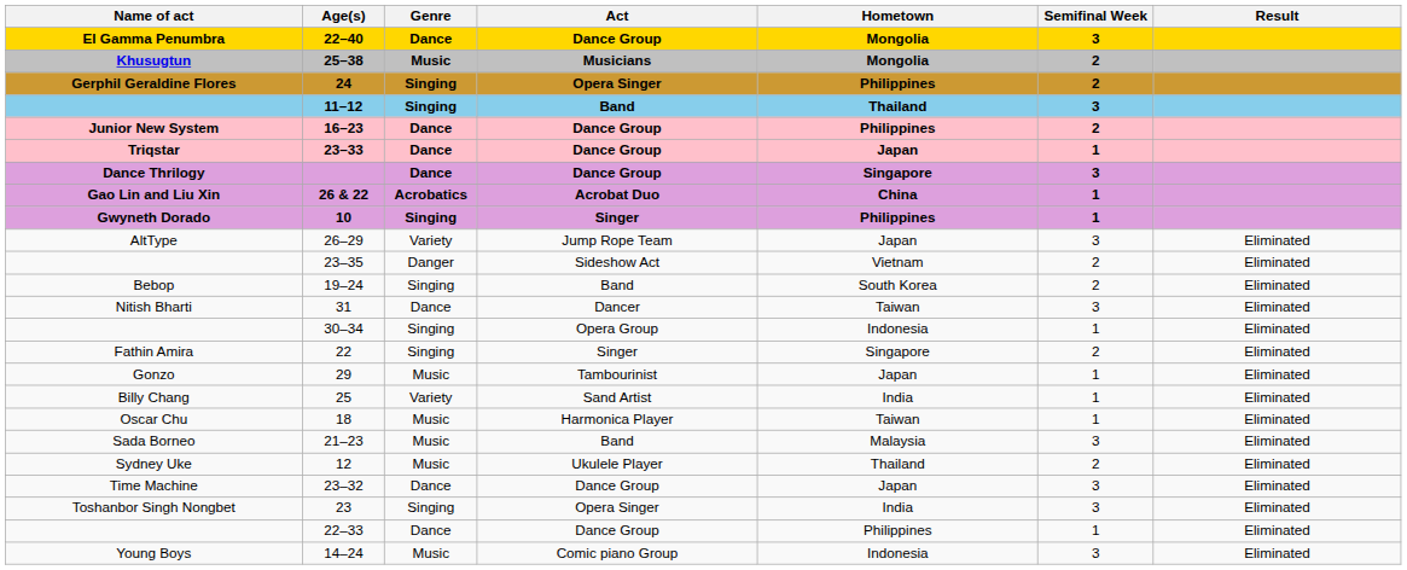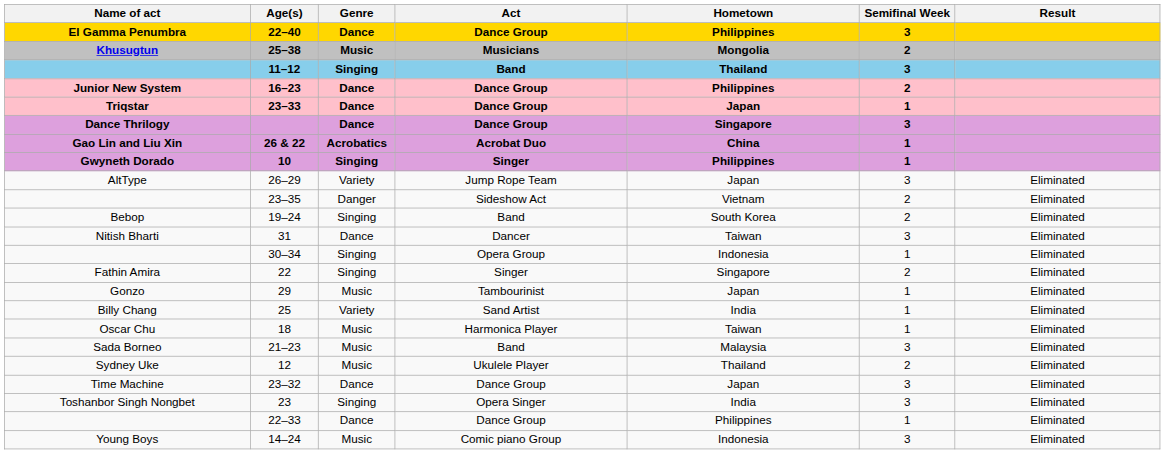 <table class="wikitable sortable" style="width:100%; text-align:center;">
 <tr>
 <th style="width:18%;">Name of act</th>
 <th data-sort-type="number" style="width:05%">Age(s)</th>
 <th style="width:05%">Genre</th>
 <th style="width:17%">Act</th>
 <th style="width:17%">Hometown</th>
 <th style="width:07%">Semifinal Week</th>
 <th style="width:15%">Result</th>
 </tr>
 <tr bgcolor=gold>
 <td><strong>El Gamma Penumbra</strong>  </td>
 <td><strong>22–40</strong></td>
 <td><strong>Dance</strong></td>
 <td><strong>Dance Group</strong></td>
-<td><strong>Mongolia</strong></td>
+<td><strong>Philippines</strong></td>
 <td><strong>3</strong></td>
 <td><strong></strong></td>
 </tr>
 <tr bgcolor=silver>
 <td><strong><a href='#'>Khusugtun</a></strong></td>
 <td><strong>25–38</strong></td>
 <td><strong>Music</strong></td>
 <td><strong>Musicians</strong></td>
 <td><strong>Mongolia</strong></td>
-<td><strong>2</strong></td>
-<td><strong></strong></td>
-</tr>
-<tr bgcolor=#cc9933>
-<td><strong>Gerphil Geraldine Flores</strong> </td>
-<td><strong>24</strong></td>
-<td><strong>Singing</strong></td>
-<td><strong>Opera Singer</strong></td>
-<td><strong>Philippines</strong></td>
 <td><strong>2</strong></td>
 <td><strong></strong></td>
 </tr>
 <tr bgcolor=skyblue>
 <td><strong></strong></td>
 <td><strong>11–12</strong></td>
 <td><strong>Singing</strong></td>
 <td><strong>Band</strong></td>
 <td><strong>Thailand</strong></td>
 <td><strong>3</strong></td>
 <td><strong></strong></td>
 </tr>
 <tr bgcolor=pink>
 <td><strong>Junior New System</strong> </td>
 <td><strong>16–23</strong></td>
 <td><strong>Dance</strong></td>
 <td><strong>Dance Group</strong></td>
 <td><strong>Philippines</strong></td>
 <td><strong>2</strong></td>
 <td><strong></strong></td>
 </tr>
 <tr bgcolor=pink>
 <td><strong>Triqstar</strong></td>
 <td><strong>23–33</strong></td>
 <td><strong>Dance</strong></td>
 <td><strong>Dance Group</strong></td>
 <td><strong>Japan</strong></td>
 <td><strong>1</strong></td>
 <td><strong></strong></td>
 </tr>
 <tr bgcolor=plum>
 <td><strong>Dance Thrilogy</strong></td>
 <td><strong></strong></td>
 <td><strong>Dance</strong></td>
 <td><strong>Dance Group</strong></td>
 <td><strong>Singapore</strong></td>
 <td><strong>3</strong></td>
 <td><strong></strong></td>
 </tr>
 <tr bgcolor=plum>
 <td><strong>Gao Lin and Liu Xin</strong>  </td>
 <td><strong>26 & 22</strong></td>
 <td><strong>Acrobatics</strong></td>
 <td><strong>Acrobat Duo</strong></td>
 <td><strong>China</strong></td>
 <td><strong>1</strong></td>
 <td><strong></strong></td>
 </tr>
 <tr bgcolor=plum>
 <td><strong>Gwyneth Dorado</strong></td>
 <td><strong>10</strong></td>
 <td><strong>Singing</strong></td>
 <td><strong>Singer</strong></td>
 <td><strong>Philippines</strong></td>
 <td><strong>1</strong></td>
 <td><strong></strong></td>
 </tr>
 <tr>
 <td>AltType</td>
 <td>26–29</td>
 <td>Variety</td>
 <td>Jump Rope Team</td>
 <td>Japan</td>
 <td>3</td>
 <td>Eliminated</td>
 </tr>
 <tr>
 <td></td>
 <td>23–35</td>
 <td>Danger</td>
 <td>Sideshow Act</td>
 <td>Vietnam</td>
 <td>2</td>
 <td>Eliminated</td>
 </tr>
 <tr>
 <td>Bebop</td>
 <td>19–24</td>
 <td>Singing</td>
 <td>Band</td>
 <td>South Korea</td>
 <td>2</td>
 <td>Eliminated</td>
 </tr>
 <tr>
 <td>Nitish Bharti</td>
 <td>31</td>
 <td>Dance</td>
 <td>Dancer</td>
 <td>Taiwan</td>
 <td>3</td>
 <td>Eliminated</td>
 </tr>
 <tr>
 <td></td>
 <td>30–34</td>
 <td>Singing</td>
 <td>Opera Group</td>
 <td>Indonesia</td>
 <td>1</td>
 <td>Eliminated</td>
 </tr>
 <tr>
 <td>Fathin Amira</td>
 <td>22</td>
 <td>Singing</td>
 <td>Singer</td>
 <td>Singapore</td>
 <td>2</td>
 <td>Eliminated</td>
 </tr>
 <tr>
 <td>Gonzo</td>
 <td>29</td>
 <td>Music</td>
 <td>Tambourinist</td>
 <td>Japan</td>
 <td>1</td>
 <td>Eliminated</td>
 </tr>
 <tr>
 <td>Billy Chang</td>
 <td>25</td>
 <td>Variety</td>
 <td>Sand Artist</td>
 <td>India</td>
 <td>1</td>
 <td>Eliminated</td>
 </tr>
 <tr>
 <td>Oscar Chu</td>
 <td>18</td>
 <td>Music</td>
 <td>Harmonica Player</td>
 <td>Taiwan</td>
 <td>1</td>
 <td>Eliminated</td>
 </tr>
 <tr>
 <td>Sada Borneo</td>
 <td>21–23</td>
 <td>Music</td>
 <td>Band</td>
 <td>Malaysia</td>
 <td>3</td>
 <td>Eliminated</td>
 </tr>
 <tr>
 <td>Sydney Uke</td>
 <td>12</td>
 <td>Music</td>
 <td>Ukulele Player</td>
 <td>Thailand</td>
 <td>2</td>
 <td>Eliminated</td>
 </tr>
 <tr>
 <td>Time Machine </td>
 <td>23–32</td>
 <td>Dance</td>
 <td>Dance Group</td>
 <td>Japan</td>
 <td>3</td>
 <td>Eliminated</td>
 </tr>
 <tr>
 <td>Toshanbor Singh Nongbet</td>
 <td>23</td>
 <td>Singing</td>
 <td>Opera Singer</td>
 <td>India</td>
 <td>3</td>
 <td>Eliminated</td>
 </tr>
 <tr>
 <td></td>
 <td>22–33</td>
 <td>Dance</td>
 <td>Dance Group</td>
 <td>Philippines</td>
 <td>1</td>
 <td>Eliminated</td>
 </tr>
 <tr>
 <td>Young Boys</td>
 <td>14–24</td>
 <td>Music</td>
 <td>Comic piano Group</td>
 <td>Indonesia</td>
 <td>3</td>
 <td>Eliminated</td>
 </tr>
 </table>
